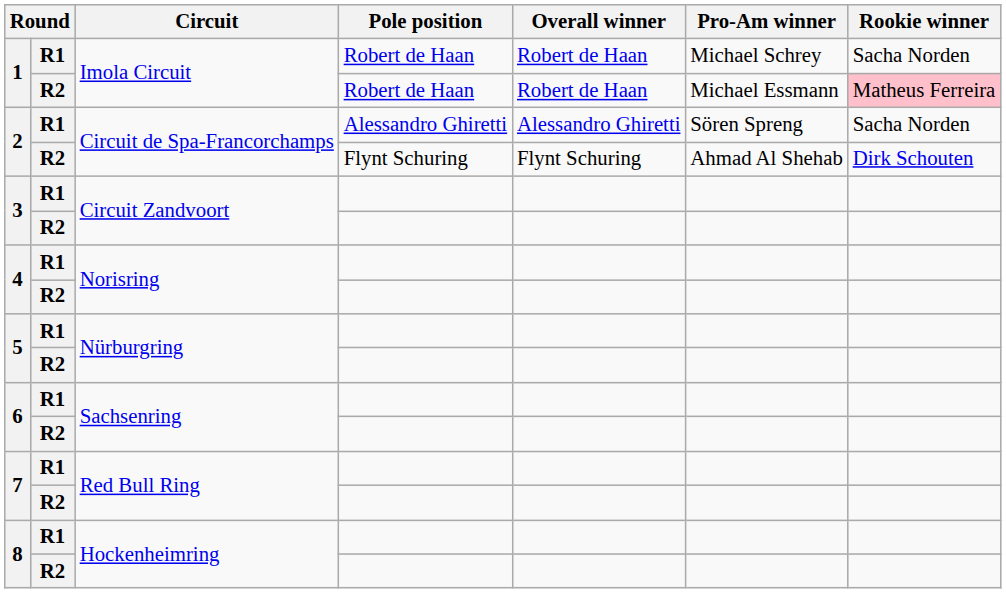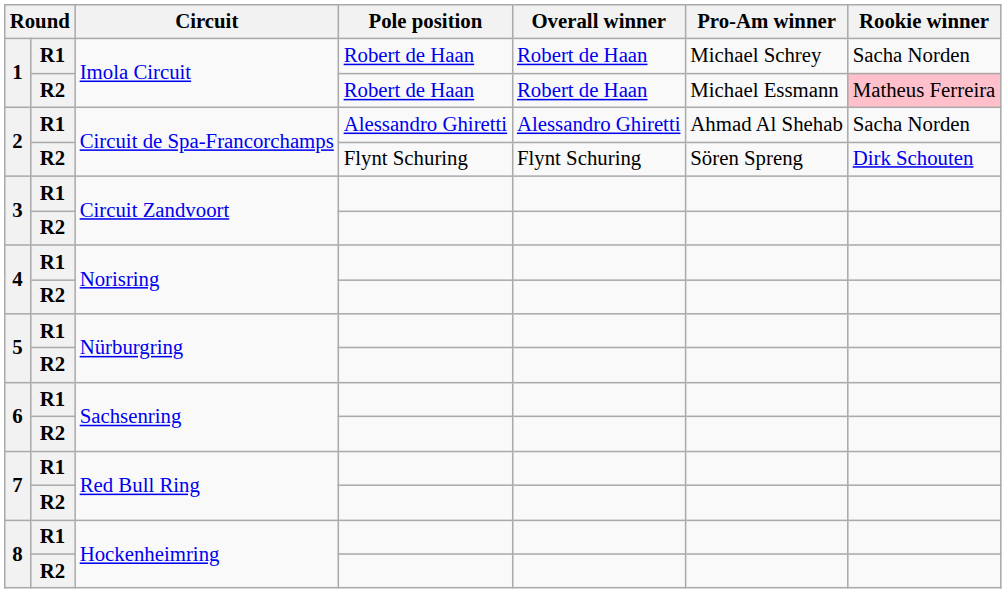 <table class="wikitable" style="font-size:85%;">
 <tr>
 <th colspan="2">Round</th>
 <th>Circuit</th>
 <th>Pole position</th>
 <th>Overall winner</th>
 <th>Pro-Am winner</th>
 <th>Rookie winner</th>
 </tr>
 <tr>
 <th rowspan="2">1</th>
 <th>R1</th>
 <td rowspan="2"> <a href='#'>Imola Circuit</a></td>
 <td> <a href='#'>Robert de Haan</a></td>
 <td> <a href='#'>Robert de Haan</a></td>
 <td> Michael Schrey</td>
 <td> Sacha Norden</td>
 </tr>
 <tr>
 <th>R2</th>
 <td> <a href='#'>Robert de Haan</a></td>
 <td> <a href='#'>Robert de Haan</a></td>
 <td> Michael Essmann</td>
 <td style="background: pink;"> Matheus Ferreira</td>
 </tr>
 <tr>
 <th rowspan="2">2</th>
 <th>R1</th>
 <td rowspan="2"> <a href='#'>Circuit de Spa-Francorchamps</a></td>
 <td align="left"> <a href='#'>Alessandro Ghiretti</a></td>
 <td align="left"> <a href='#'>Alessandro Ghiretti</a></td>
-<td align="left"> Sören Spreng</td>
+<td align="left"> Ahmad Al Shehab</td>
 <td> Sacha Norden</td>
 </tr>
 <tr>
 <th>R2</th>
 <td align="left"> Flynt Schuring</td>
 <td align="left"> Flynt Schuring</td>
-<td align="left"> Ahmad Al Shehab</td>
+<td align="left"> Sören Spreng</td>
 <td> <a href='#'>Dirk Schouten</a></td>
 </tr>
 <tr>
 <th rowspan="2">3</th>
 <th>R1</th>
 <td rowspan="2"> <a href='#'>Circuit Zandvoort</a></td>
 <td></td>
 <td></td>
 <td></td>
 <td></td>
 </tr>
 <tr>
 <th>R2</th>
 <td></td>
 <td></td>
 <td></td>
 <td></td>
 </tr>
 <tr>
 <th rowspan="2">4</th>
 <th>R1</th>
 <td rowspan="2"> <a href='#'>Norisring</a></td>
 <td></td>
 <td></td>
 <td></td>
 <td></td>
 </tr>
 <tr>
 <th>R2</th>
 <td></td>
 <td></td>
 <td></td>
 <td></td>
 </tr>
 <tr>
 <th rowspan="2">5</th>
 <th>R1</th>
 <td rowspan="2"> <a href='#'>Nürburgring</a></td>
 <td></td>
 <td></td>
 <td></td>
 <td></td>
 </tr>
 <tr>
 <th>R2</th>
 <td></td>
 <td></td>
 <td></td>
 <td></td>
 </tr>
 <tr>
 <th rowspan="2">6</th>
 <th>R1</th>
 <td rowspan="2"> <a href='#'>Sachsenring</a></td>
 <td></td>
 <td></td>
 <td></td>
 <td></td>
 </tr>
 <tr>
 <th>R2</th>
 <td></td>
 <td></td>
 <td></td>
 <td></td>
 </tr>
 <tr>
 <th rowspan="2">7</th>
 <th>R1</th>
 <td rowspan="2"> <a href='#'>Red Bull Ring</a></td>
 <td></td>
 <td></td>
 <td></td>
 <td></td>
 </tr>
 <tr>
 <th>R2</th>
 <td></td>
 <td></td>
 <td></td>
 <td></td>
 </tr>
 <tr>
 <th rowspan="2">8</th>
 <th>R1</th>
 <td rowspan="2"> <a href='#'>Hockenheimring</a></td>
 <td></td>
 <td></td>
 <td></td>
 <td></td>
 </tr>
 <tr>
 <th>R2</th>
 <td></td>
 <td></td>
 <td></td>
 <td></td>
 </tr>
 </table>
